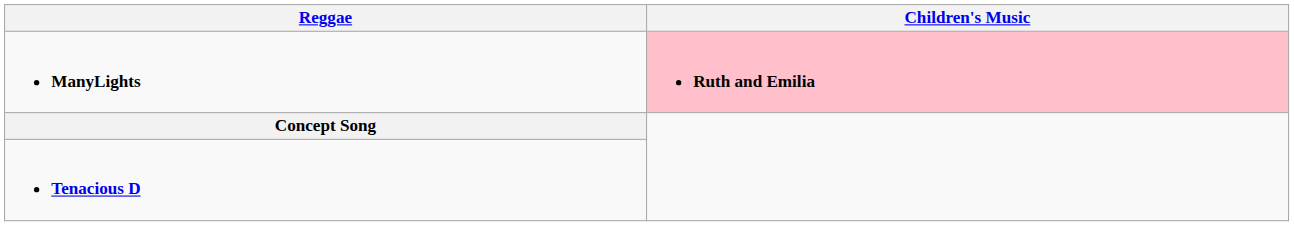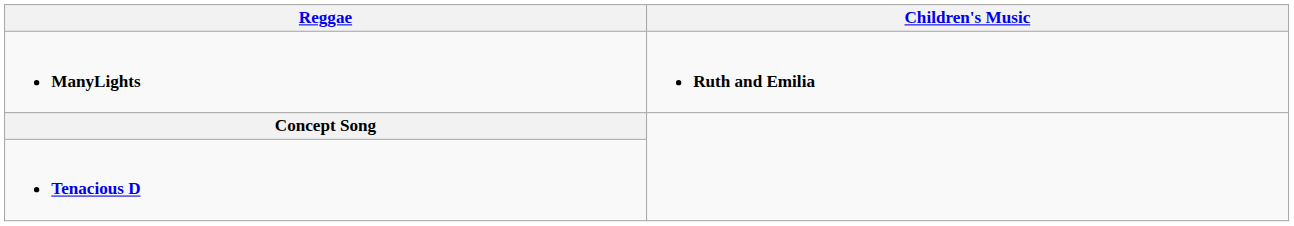 <table class="wikitable" style="width:95%">
 <tr>
 <th width="50%"><a href='#'>Reggae</a></th>
 <th width="50%"><a href='#'>Children's Music</a></th>
 </tr>
 <tr>
 <td valign="top"><br><ul><li><strong>ManyLights</strong></li></ul></td>
-<td valign="top" style="background: pink;"><br><ul><li><strong>Ruth and Emilia</strong></li></ul></td>
+<td valign="top"><br><ul><li><strong>Ruth and Emilia</strong></li></ul></td>
 </tr>
 <tr>
 <th width="50%">Concept Song</th>
 </tr>
 <tr>
 <td valign="top"><br><ul><li><strong><a href='#'>Tenacious D</a></strong></li></ul></td>
 </tr>
 </table>
